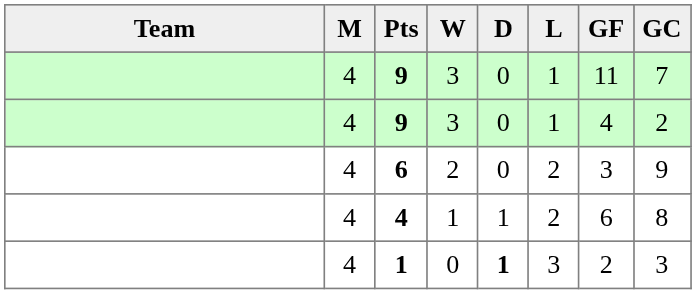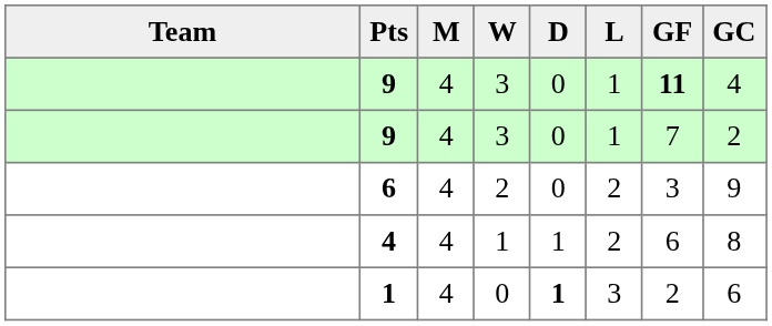 <table style=border-collapse:collapse border=1 cellspacing=0 cellpadding=5>
 <tr align=center bgcolor=#efefef>
 <th width=185>Team</th>
+<th width=20>Pts</th>
 <th width=20>M</th>
-<th width=20>Pts</th>
 <th width=20>W</th>
 <th width=20>D</th>
 <th width=20>L</th>
 <th width=20>GF</th>
 <th width=20>GC</th>
 </tr>
 <tr align=center bgcolor=#ccffcc>
 <td style="text-align:left;"></td>
+<td><strong>9</strong></td>
 <td>4</td>
-<td><strong>9</strong></td>
 <td>3</td>
 <td>0</td>
 <td>1</td>
-<td>11</td>
-<td>7</td>
+<td><strong>11</strong></td>
+<td>4</td>
 </tr>
 <tr align=center bgcolor=#ccffcc>
 <td style="text-align:left;"></td>
+<td><strong>9</strong></td>
 <td>4</td>
-<td><strong>9</strong></td>
 <td>3</td>
 <td>0</td>
 <td>1</td>
-<td>4</td>
+<td>7</td>
 <td>2</td>
 </tr>
 <tr align=center>
 <td style="text-align:left;"></td>
+<td><strong>6</strong></td>
 <td>4</td>
-<td><strong>6</strong></td>
 <td>2</td>
 <td>0</td>
 <td>2</td>
 <td>3</td>
 <td>9</td>
 </tr>
 <tr align=center>
 <td style="text-align:left;"></td>
+<td><strong>4</strong></td>
 <td>4</td>
-<td><strong>4</strong></td>
 <td>1</td>
 <td>1</td>
 <td>2</td>
 <td>6</td>
 <td>8</td>
 </tr>
 <tr align=center>
 <td style="text-align:left;"></td>
+<td><strong>1</strong></td>
 <td>4</td>
-<td><strong>1</strong></td>
 <td>0</td>
 <td><strong>1</strong></td>
 <td>3</td>
 <td>2</td>
-<td>3</td>
+<td>6</td>
 </tr>
 </table>
